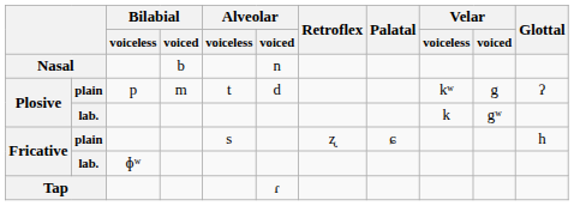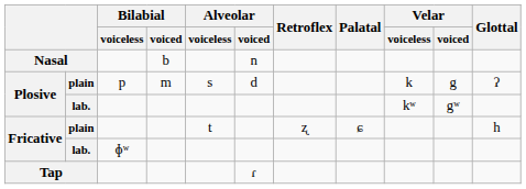 <table class="wikitable" style="text-align: center">
 <tr>
 <th colspan="2" rowspan="2"></th>
 <th colspan="2">Bilabial</th>
 <th colspan="2">Alveolar</th>
 <th rowspan="2">Retroflex</th>
 <th rowspan="2">Palatal</th>
 <th colspan="2">Velar</th>
 <th rowspan="2">Glottal</th>
 </tr>
 <tr>
 <th><small>voiceless</small></th>
 <th><small>voiced</small></th>
 <th><small>voiceless</small></th>
 <th><small>voiced</small></th>
 <th><small>voiceless</small></th>
 <th><small>voiced</small></th>
 </tr>
 <tr>
 <th colspan="2">Nasal</th>
 <td></td>
 <td>b</td>
 <td></td>
 <td>n</td>
 <td></td>
 <td></td>
 <td></td>
 <td></td>
 <td></td>
 </tr>
 <tr>
 <th rowspan="2">Plosive</th>
 <th><small>plain</small></th>
 <td>p</td>
 <td>m</td>
-<td>t</td>
+<td>s</td>
 <td>d</td>
 <td></td>
 <td></td>
-<td>kʷ</td>
+<td>k</td>
 <td>g</td>
 <td>ʔ</td>
 </tr>
 <tr>
 <th><small>lab.</small></th>
 <td></td>
 <td></td>
 <td></td>
 <td></td>
 <td></td>
 <td></td>
-<td>k</td>
+<td>kʷ</td>
 <td>gʷ</td>
 <td></td>
 </tr>
 <tr>
 <th rowspan="2">Fricative</th>
 <th><small>plain</small></th>
 <td></td>
 <td></td>
-<td>s</td>
+<td>t</td>
 <td></td>
 <td>ʐ</td>
 <td>ɕ</td>
 <td></td>
 <td></td>
 <td>h</td>
 </tr>
 <tr>
 <th><small>lab.</small></th>
 <td>ɸʷ</td>
 <td></td>
 <td></td>
 <td></td>
 <td></td>
 <td></td>
 <td></td>
 <td></td>
 <td></td>
 </tr>
 <tr>
 <th colspan="2">Tap</th>
 <td></td>
 <td></td>
 <td></td>
 <td>ɾ</td>
 <td></td>
 <td></td>
 <td></td>
 <td></td>
 <td></td>
 </tr>
 </table>
